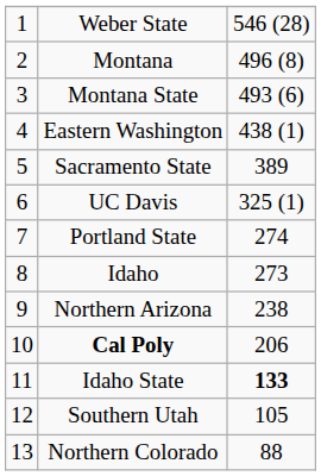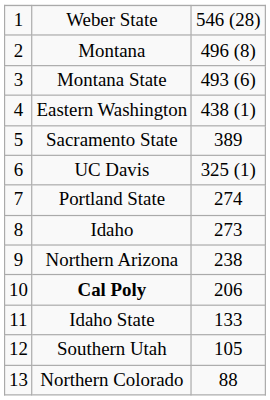 <table class="wikitable" style="display: inline-table;">
 <tr align="center">
 </tr>
 <tr align="center">
 <td>1</td>
 <td>Weber State</td>
 <td>546 (28)</td>
 </tr>
 <tr align="center">
 <td>2</td>
 <td>Montana</td>
 <td>496 (8)</td>
 </tr>
 <tr align="center">
 <td>3</td>
 <td>Montana State</td>
 <td>493 (6)</td>
 </tr>
 <tr align="center">
 <td>4</td>
 <td>Eastern Washington</td>
 <td>438 (1)</td>
 </tr>
 <tr align="center">
 <td>5</td>
 <td>Sacramento State</td>
 <td>389</td>
 </tr>
 <tr align="center">
 <td>6</td>
 <td>UC Davis</td>
 <td>325 (1)</td>
 </tr>
 <tr align="center">
 <td>7</td>
 <td>Portland State</td>
 <td>274</td>
 </tr>
 <tr align="center">
 <td>8</td>
 <td>Idaho</td>
 <td>273</td>
 </tr>
 <tr align="center">
 <td>9</td>
 <td>Northern Arizona</td>
 <td>238</td>
 </tr>
 <tr align="center">
 <td>10</td>
 <td><strong>Cal Poly</strong></td>
 <td>206</td>
 </tr>
 <tr align="center">
 <td>11</td>
 <td>Idaho State</td>
-<td><strong>133</strong></td>
+<td>133</td>
 </tr>
 <tr align="center">
 <td>12</td>
 <td>Southern Utah</td>
 <td>105</td>
 </tr>
 <tr align="center">
 <td>13</td>
 <td>Northern Colorado</td>
 <td>88</td>
 </tr>
 </table>
